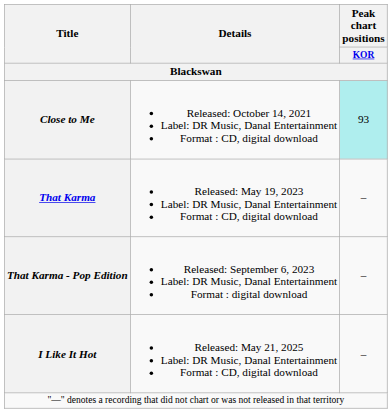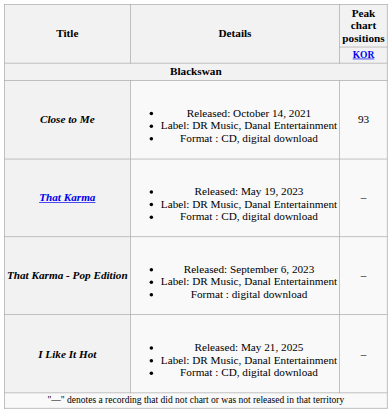 <table class="wikitable plainrowheaders" style="text-align:center">
 <tr>
 <th scope="col" rowspan="2">Title</th>
 <th scope="col" rowspan="2">Details</th>
 <th scope="col">Peak chart positions</th>
 </tr>
 <tr>
 <th scope="col" style="width:2.5em;font-size:85%"><a href='#'>KOR</a><br></th>
 </tr>
 <tr>
 <th colspan="4">Blackswan</th>
 </tr>
 <tr>
 <th scope="row"><em>Close to Me</em></th>
 <td><br><ul><li>Released: October 14, 2021</li><li>Label: DR Music, Danal Entertainment</li><li>Format : CD, digital download</li></ul></td>
-<td style="background: paleturquoise;">93</td>
+<td>93</td>
 </tr>
 <tr>
 <th scope="row"><em><a href='#'>That Karma</a></em></th>
 <td><br><ul><li>Released: May 19, 2023</li><li>Label: DR Music, Danal Entertainment</li><li>Format : CD, digital download</li></ul></td>
 <td>–</td>
 </tr>
 <tr>
 <th scope="row"><em>That Karma - Pop Edition</em></th>
 <td><br><ul><li>Released: September 6, 2023</li><li>Label: DR Music, Danal Entertainment</li><li>Format : digital download</li></ul></td>
 <td>–</td>
 </tr>
 <tr>
 <th scope="row"><em>I Like It Hot</em></th>
 <td><br><ul><li>Released: May 21, 2025</li><li>Label: DR Music, Danal Entertainment</li><li>Format : CD, digital download</li></ul></td>
 <td>–</td>
 </tr>
 <tr>
 <td colspan="3" style="font-size:85%">"—" denotes a recording that did not chart or was not released in that territory</td>
 </tr>
 </table>
